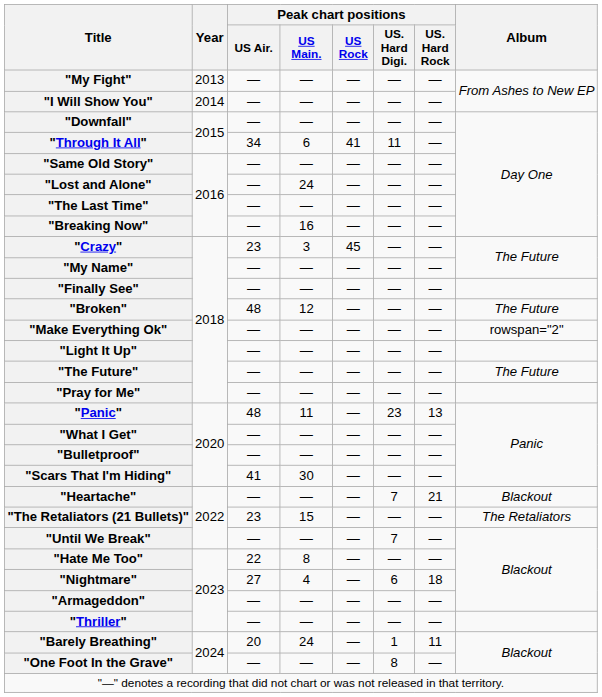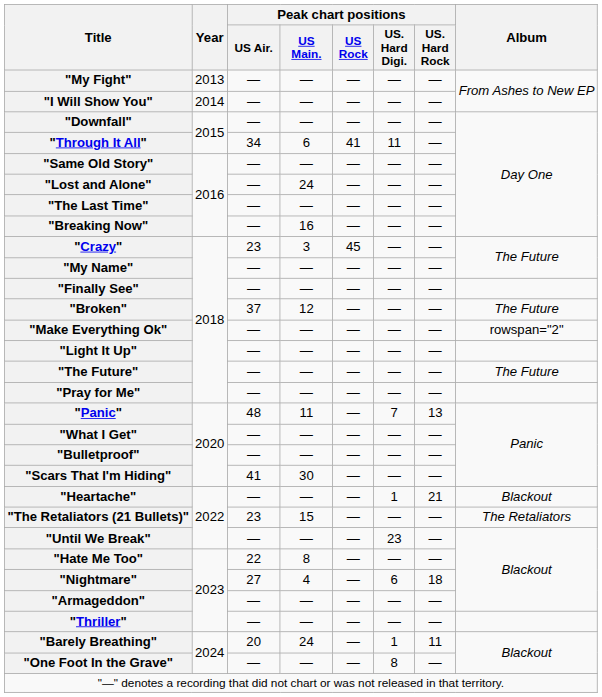 <table class="wikitable plainrowheaders" style="text-align:center;">
 <tr>
 <th scope="col" rowspan="2">Title</th>
 <th scope="col" rowspan="2">Year</th>
 <th scope="col" colspan="5">Peak chart positions</th>
 <th scope="col" rowspan="2">Album</th>
 </tr>
 <tr>
 <th scope="col" style="width:4em;font-size:90%;">US Air.<br></th>
 <th scope="col" style="width:4em;font-size:90%;"><a href='#'>US Main.</a><br></th>
 <th scope="col" style="width:3em;font-size:90%;"><a href='#'>US Rock</a><br></th>
 <th scope="col" style="width:3em;font-size:90%;">US. Hard Digi.</th>
 <th scope="col" style="width:3em;font-size:90%;">US. Hard Rock</th>
 </tr>
 <tr>
 <th scope="row">"My Fight"</th>
 <td>2013</td>
 <td>—</td>
 <td>—</td>
 <td>—</td>
 <td>—</td>
 <td>—</td>
 <td rowspan="2"><em>From Ashes to New EP</em></td>
 </tr>
 <tr>
 <th scope="row">"I Will Show You"</th>
 <td>2014</td>
 <td>—</td>
 <td>—</td>
 <td>—</td>
 <td>—</td>
 <td>—</td>
 </tr>
 <tr>
 <th scope="row">"Downfall"</th>
 <td rowspan="2">2015</td>
 <td>—</td>
 <td>—</td>
 <td>—</td>
 <td>—</td>
 <td>—</td>
 <td rowspan="6"><em>Day One</em></td>
 </tr>
 <tr>
 <th scope="row">"<a href='#'>Through It All</a>"</th>
 <td>34</td>
 <td>6</td>
 <td>41</td>
 <td>11</td>
 <td>—</td>
 </tr>
 <tr>
 <th scope="row">"Same Old Story"</th>
 <td rowspan="4">2016</td>
 <td>—</td>
 <td>—</td>
 <td>—</td>
 <td>—</td>
 <td>—</td>
 </tr>
 <tr>
 <th scope="row">"Lost and Alone"</th>
 <td>—</td>
 <td>24</td>
 <td>—</td>
 <td>—</td>
 <td>—</td>
 </tr>
 <tr>
 <th scope="row">"The Last Time" <br></th>
 <td>—</td>
 <td>—</td>
 <td>—</td>
 <td>—</td>
 <td>—</td>
 </tr>
 <tr>
 <th scope="row">"Breaking Now"</th>
 <td>—</td>
 <td>16</td>
 <td>—</td>
 <td>—</td>
 <td>—</td>
 </tr>
 <tr>
 <th scope="row">"<a href='#'>Crazy</a>"</th>
 <td rowspan="8">2018</td>
 <td>23</td>
 <td>3</td>
 <td>45</td>
 <td>—</td>
 <td>—</td>
 <td rowspan="2"><em>The Future</em></td>
 </tr>
 <tr>
 <th scope="row">"My Name"</th>
 <td>—</td>
 <td>—</td>
 <td>—</td>
 <td>—</td>
 <td>—</td>
 </tr>
 <tr>
 <th scope="row">"Finally See"</th>
 <td>—</td>
 <td>—</td>
 <td>—</td>
 <td>—</td>
 <td>—</td>
 <td></td>
 </tr>
 <tr>
 <th scope="row">"Broken"</th>
-<td>48</td>
+<td>37</td>
 <td>12</td>
 <td>—</td>
 <td>—</td>
 <td>—</td>
 <td><em>The Future</em></td>
 </tr>
 <tr>
 <th scope="row">"Make Everything Ok"</th>
 <td>—</td>
 <td>—</td>
 <td>—</td>
 <td>—</td>
 <td>—</td>
 <td>rowspan="2" </td>
 </tr>
 <tr>
 <th scope="row">"Light It Up"</th>
 <td>—</td>
 <td>—</td>
 <td>—</td>
 <td>—</td>
 <td>—</td>
 </tr>
 <tr>
 <th scope="row">"The Future"</th>
 <td>—</td>
 <td>—</td>
 <td>—</td>
 <td>—</td>
 <td>—</td>
 <td><em>The Future</em></td>
 </tr>
 <tr>
 <th scope="row">"Pray for Me"</th>
 <td>—</td>
 <td>—</td>
 <td>—</td>
 <td>—</td>
 <td>—</td>
 <td></td>
 </tr>
 <tr>
 <th scope="row">"<a href='#'>Panic</a>"</th>
 <td rowspan="4">2020</td>
 <td>48</td>
 <td>11</td>
 <td>—</td>
-<td>23</td>
+<td>7</td>
 <td>13</td>
 <td rowspan="4"><em>Panic</em></td>
 </tr>
 <tr>
 <th scope="row">"What I Get"</th>
 <td>—</td>
 <td>—</td>
 <td>—</td>
 <td>—</td>
 <td>—</td>
 </tr>
 <tr>
 <th scope="row">"Bulletproof"</th>
 <td>—</td>
 <td>—</td>
 <td>—</td>
 <td>—</td>
 <td>—</td>
 </tr>
 <tr>
 <th scope="row">"Scars That I'm Hiding" <br></th>
 <td>41</td>
 <td>30</td>
 <td>—</td>
 <td>—</td>
 <td>—</td>
 </tr>
 <tr>
 <th scope="row">"Heartache"</th>
 <td rowspan="3">2022</td>
 <td>—</td>
 <td>—</td>
 <td>—</td>
-<td>7</td>
+<td>1</td>
 <td>21</td>
 <td><em>Blackout</em></td>
 </tr>
 <tr>
 <th scope="row">"The Retaliators (21 Bullets)" <br></th>
 <td>23</td>
 <td>15</td>
 <td>—</td>
 <td>—</td>
 <td>—</td>
 <td><em>The Retaliators</em></td>
 </tr>
 <tr>
 <th scope="row">"Until We Break" <br></th>
 <td>—</td>
 <td>—</td>
 <td>—</td>
-<td>7</td>
+<td>23</td>
 <td>—</td>
 <td rowspan="4"><em>Blackout</em></td>
 </tr>
 <tr>
 <th scope="row">"Hate Me Too"</th>
 <td rowspan="4">2023</td>
 <td>22</td>
 <td>8</td>
 <td>—</td>
 <td>—</td>
 <td>—</td>
 </tr>
 <tr>
 <th scope="row">"Nightmare"</th>
 <td>27</td>
 <td>4</td>
 <td>—</td>
 <td>6</td>
 <td>18</td>
 </tr>
 <tr>
 <th scope="row">"Armageddon"</th>
 <td>—</td>
 <td>—</td>
 <td>—</td>
 <td>—</td>
 <td>—</td>
 </tr>
 <tr>
 <th scope="row">"<a href='#'>Thriller</a>" </th>
 <td>—</td>
 <td>—</td>
 <td>—</td>
 <td>—</td>
 <td>—</td>
 <td></td>
 </tr>
 <tr>
 <th scope="row">"Barely Breathing" </th>
 <td rowspan="2">2024</td>
 <td>20</td>
 <td>24</td>
 <td>—</td>
 <td>1</td>
 <td>11</td>
 <td rowspan="2"><em>Blackout</em></td>
 </tr>
 <tr>
 <th scope="row">"One Foot In the Grave" </th>
 <td>—</td>
 <td>—</td>
 <td>—</td>
 <td>8</td>
 <td>—</td>
 </tr>
 <tr>
 <td colspan="11" style="font-size:90%">"—" denotes a recording that did not chart or was not released in that territory.</td>
 </tr>
 </table>
